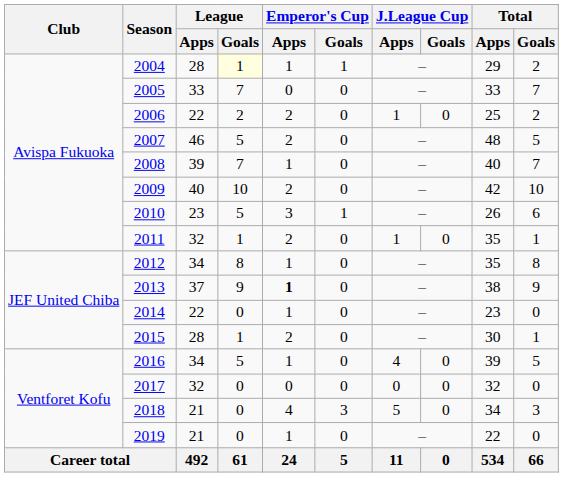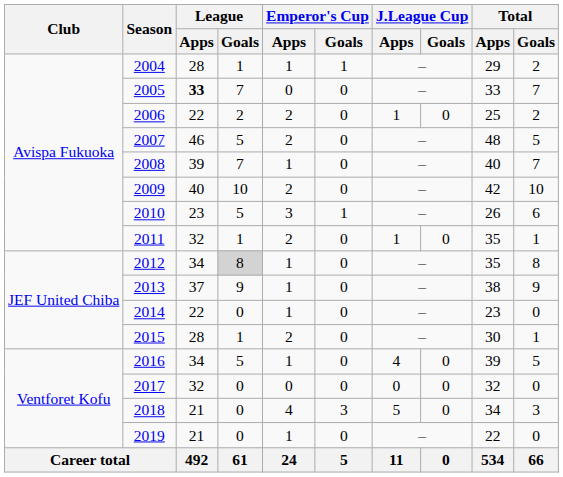 <table class="wikitable" style="text-align:center;">
 <tr>
 <th rowspan=2>Club</th>
 <th rowspan=2>Season</th>
 <th colspan=2>League</th>
 <th colspan=2><a href='#'>Emperor's Cup</a></th>
 <th colspan=2><a href='#'>J.League Cup</a></th>
 <th colspan=2>Total</th>
 </tr>
 <tr>
 <th>Apps</th>
 <th>Goals</th>
 <th>Apps</th>
 <th>Goals</th>
 <th>Apps</th>
 <th>Goals</th>
 <th>Apps</th>
 <th>Goals</th>
 </tr>
 <tr>
 <td rowspan="8"><a href='#'>Avispa Fukuoka</a></td>
 <td><a href='#'>2004</a></td>
 <td>28</td>
-<td style="background: lightyellow;">1</td>
+<td>1</td>
 <td>1</td>
 <td>1</td>
 <td colspan="2">–</td>
 <td>29</td>
 <td>2</td>
 </tr>
 <tr>
 <td><a href='#'>2005</a></td>
-<td>33</td>
+<td><strong>33</strong></td>
 <td>7</td>
 <td>0</td>
 <td>0</td>
 <td colspan="2">–</td>
 <td>33</td>
 <td>7</td>
 </tr>
 <tr>
 <td><a href='#'>2006</a></td>
 <td>22</td>
 <td>2</td>
 <td>2</td>
 <td>0</td>
 <td>1</td>
 <td>0</td>
 <td>25</td>
 <td>2</td>
 </tr>
 <tr>
 <td><a href='#'>2007</a></td>
 <td>46</td>
 <td>5</td>
 <td>2</td>
 <td>0</td>
 <td colspan="2">–</td>
 <td>48</td>
 <td>5</td>
 </tr>
 <tr>
 <td><a href='#'>2008</a></td>
 <td>39</td>
 <td>7</td>
 <td>1</td>
 <td>0</td>
 <td colspan="2">–</td>
 <td>40</td>
 <td>7</td>
 </tr>
 <tr>
 <td><a href='#'>2009</a></td>
 <td>40</td>
 <td>10</td>
 <td>2</td>
 <td>0</td>
 <td colspan="2">–</td>
 <td>42</td>
 <td>10</td>
 </tr>
 <tr>
 <td><a href='#'>2010</a></td>
 <td>23</td>
 <td>5</td>
 <td>3</td>
 <td>1</td>
 <td colspan="2">–</td>
 <td>26</td>
 <td>6</td>
 </tr>
 <tr>
 <td><a href='#'>2011</a></td>
 <td>32</td>
 <td>1</td>
 <td>2</td>
 <td>0</td>
 <td>1</td>
 <td>0</td>
 <td>35</td>
 <td>1</td>
 </tr>
 <tr>
 <td rowspan="4"><a href='#'>JEF United Chiba</a></td>
 <td><a href='#'>2012</a></td>
 <td>34</td>
-<td>8</td>
+<td style="background: lightgrey;">8</td>
 <td>1</td>
 <td>0</td>
 <td colspan="2">–</td>
 <td>35</td>
 <td>8</td>
 </tr>
 <tr>
 <td><a href='#'>2013</a></td>
 <td>37</td>
 <td>9</td>
-<td><strong>1</strong></td>
+<td>1</td>
 <td>0</td>
 <td colspan="2">–</td>
 <td>38</td>
 <td>9</td>
 </tr>
 <tr>
 <td><a href='#'>2014</a></td>
 <td>22</td>
 <td>0</td>
 <td>1</td>
 <td>0</td>
 <td colspan="2">–</td>
 <td>23</td>
 <td>0</td>
 </tr>
 <tr>
 <td><a href='#'>2015</a></td>
 <td>28</td>
 <td>1</td>
 <td>2</td>
 <td>0</td>
 <td colspan="2">–</td>
 <td>30</td>
 <td>1</td>
 </tr>
 <tr>
 <td rowspan="4"><a href='#'>Ventforet Kofu</a></td>
 <td><a href='#'>2016</a></td>
 <td>34</td>
 <td>5</td>
 <td>1</td>
 <td>0</td>
 <td>4</td>
 <td>0</td>
 <td>39</td>
 <td>5</td>
 </tr>
 <tr>
 <td><a href='#'>2017</a></td>
 <td>32</td>
 <td>0</td>
 <td>0</td>
 <td>0</td>
 <td>0</td>
 <td>0</td>
 <td>32</td>
 <td>0</td>
 </tr>
 <tr>
 <td><a href='#'>2018</a></td>
 <td>21</td>
 <td>0</td>
 <td>4</td>
 <td>3</td>
 <td>5</td>
 <td>0</td>
 <td>34</td>
 <td>3</td>
 </tr>
 <tr>
 <td><a href='#'>2019</a></td>
 <td>21</td>
 <td>0</td>
 <td>1</td>
 <td>0</td>
 <td colspan="2">–</td>
 <td>22</td>
 <td>0</td>
 </tr>
 <tr>
 <th colspan=2>Career total</th>
 <th>492</th>
 <th>61</th>
 <th>24</th>
 <th>5</th>
 <th>11</th>
 <th>0</th>
 <th>534</th>
 <th>66</th>
 </tr>
 </table>
